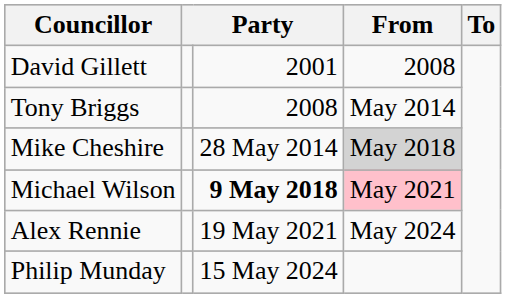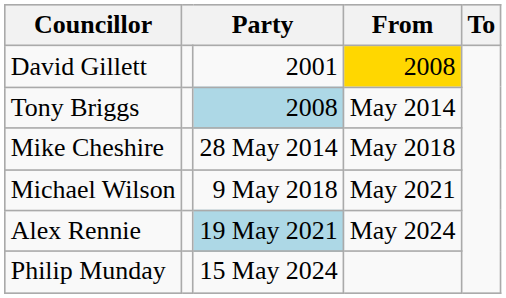 <table class=wikitable>
 <tr>
 <th>Councillor</th>
 <th colspan=2>Party</th>
 <th>From</th>
 <th>To</th>
 </tr>
 <tr>
 <td>David Gillett</td>
 <td></td>
 <td align=right>2001</td>
-<td align=right>2008</td>
+<td align=right style="background: gold;">2008</td>
 </tr>
 <tr>
 <td>Tony Briggs</td>
 <td></td>
-<td align=right>2008</td>
+<td align=right style="background: lightblue;">2008</td>
 <td align=right>May 2014</td>
 </tr>
 <tr>
 <td>Mike Cheshire</td>
 <td></td>
 <td align=right>28 May 2014</td>
-<td align=right style="background: lightgrey;">May 2018</td>
+<td align=right>May 2018</td>
 </tr>
 <tr>
 <td>Michael Wilson</td>
 <td></td>
-<td align=right><strong>9 May 2018</strong></td>
-<td align=right style="background: pink;">May 2021</td>
+<td align=right>9 May 2018</td>
+<td align=right>May 2021</td>
 </tr>
 <tr>
 <td>Alex Rennie</td>
 <td></td>
-<td align=right>19 May 2021</td>
+<td align=right style="background: lightblue;">19 May 2021</td>
 <td align=right>May 2024</td>
 </tr>
 <tr>
 <td>Philip Munday</td>
 <td></td>
 <td align=right>15 May 2024</td>
 <td align=right></td>
 </tr>
 </table>
